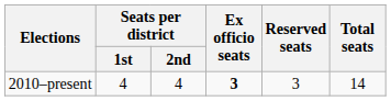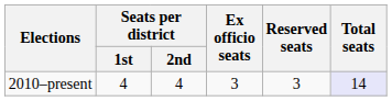 <table class="wikitable">
 <tr>
 <th rowspan="2">Elections</th>
 <th colspan="2">Seats per district</th>
 <th rowspan="2" width="50px">Ex officio seats</th>
 <th rowspan="2" width="50px">Reserved seats</th>
 <th rowspan="2" width="50px">Total seats</th>
 </tr>
 <tr>
 <th width="50px">1st</th>
 <th width="50px">2nd</th>
 </tr>
 <tr align="center">
 <td>2010–present</td>
 <td>4</td>
 <td>4</td>
-<td><strong>3</strong></td>
 <td>3</td>
-<td>14</td>
+<td>3</td>
+<td style="background: lavender;">14</td>
 </tr>
 </table>
